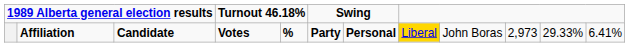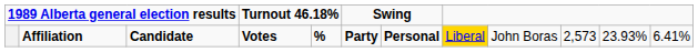 <table class="wikitable">
 <tr>
 <td colspan="3" align=center><strong><a href='#'>1989 Alberta general election</a> results</strong></td>
 <td colspan="2"><strong>Turnout 46.18%</strong></td>
 <td colspan="2" align=center><strong>Swing</strong></td>
 </tr>
 <tr>
 <th style="width: 10px;"></th>
 <td><strong>Affiliation</strong></td>
 <td><strong>Candidate</strong></td>
 <td><strong>Votes</strong></td>
 <td><strong>%</strong></td>
 <td><strong>Party</strong></td>
 <td><strong>Personal</strong><br> </td>
 <td style="background: gold;"><a href='#'>Liberal</a></td>
 <td>John Boras</td>
-<td>2,973</td>
-<td>29.33%</td>
+<td>2,573</td>
+<td>23.93%</td>
 <td colspan=2 align=center>6.41%<br>    </td>
 </tr>
 </table>
